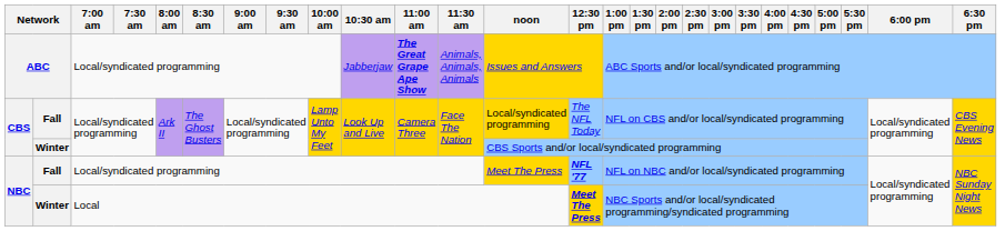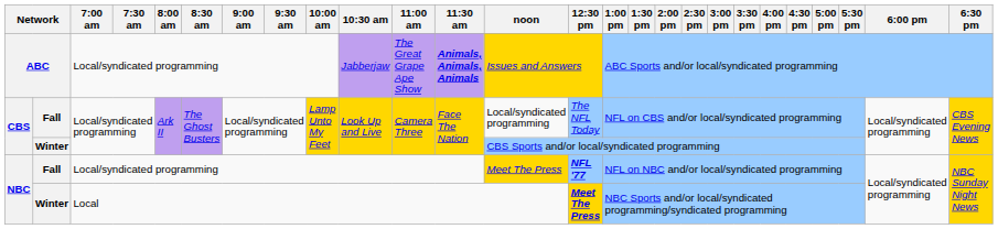 <table class="wikitable" style="font-size:90%">
 <tr>
 <th colspan="2" width="1.5%" bgcolor="#C0C0C0">Network</th>
 <th width="4%" bgcolor="#C0C0C0">7:00 am</th>
 <th width="4%" bgcolor="#C0C0C0">7:30 am</th>
 <th width="4%" bgcolor="#C0C0C0">8:00 am</th>
 <th width="4%" bgcolor="#C0C0C0">8:30 am</th>
 <th width="4%" bgcolor="#C0C0C0">9:00 am</th>
 <th width="4%" bgcolor="#C0C0C0">9:30 am</th>
 <th width="4%" bgcolor="#C0C0C0">10:00 am</th>
 <th width="4%" bgcolor="#C0C0C0">10:30 am</th>
 <th width="4%" bgcolor="#C0C0C0">11:00 am</th>
 <th width="4%" bgcolor="#C0C0C0">11:30 am</th>
 <th width="4%" bgcolor="#C0C0C0">noon</th>
 <th width="4%" bgcolor="#C0C0C0">12:30 pm</th>
 <th width="4%" bgcolor="#C0C0C0">1:00 pm</th>
 <th width="4%" bgcolor="#C0C0C0">1:30 pm</th>
 <th width="4%" bgcolor="#C0C0C0">2:00 pm</th>
 <th width="4%" bgcolor="#C0C0C0">2:30 pm</th>
 <th width="4%" bgcolor="#C0C0C0">3:00 pm</th>
 <th width="4%" bgcolor="#C0C0C0">3:30 pm</th>
 <th width="4%" bgcolor="#C0C0C0">4:00 pm</th>
 <th width="4%" bgcolor="#C0C0C0">4:30 pm</th>
 <th width="4%" bgcolor="#C0C0C0">5:00 pm</th>
 <th width="4%" bgcolor="#C0C0C0">5:30 pm</th>
 <th width="4%" bgcolor="#C0C0C0">6:00 pm</th>
 <th width="4%" bgcolor="#C0C0C0">6:30 pm</th>
 </tr>
 <tr>
 <th colspan="2" bgcolor="#C0C0C0"><a href='#'>ABC</a></th>
 <td colspan="7">Local/syndicated programming</td>
 <td bgcolor="bf9fef"><em><a href='#'>Jabberjaw</a></em> </td>
-<td bgcolor="bf9fef"><strong><em><a href='#'>The Great Grape Ape Show</a></em> </strong></td>
-<td bgcolor="bf9fef"><em><a href='#'>Animals, Animals, Animals</a></em></td>
+<td bgcolor="bf9fef"><em><a href='#'>The Great Grape Ape Show</a></em> </td>
+<td bgcolor="bf9fef"><strong><em><a href='#'>Animals, Animals, Animals</a></em></strong></td>
 <td colspan="2" bgcolor="gold"><em><a href='#'>Issues and Answers</a></em></td>
 <td colspan="12" bgcolor="99ccff"><a href='#'>ABC Sports</a> and/or local/syndicated programming</td>
 </tr>
 <tr>
 <th rowspan="2" bgcolor="#C0C0C0"><a href='#'>CBS</a></th>
 <th>Fall</th>
 <td colspan="2" rowspan="2">Local/syndicated programming</td>
 <td rowspan="2" bgcolor="bf9fef"><em><a href='#'>Ark II</a></em> </td>
 <td rowspan="2" bgcolor="bf9fef"><em><a href='#'>The Ghost Busters</a></em> </td>
 <td colspan="2" rowspan="2">Local/syndicated programming</td>
 <td rowspan="2" bgcolor="gold"><em><a href='#'>Lamp Unto My Feet</a></em></td>
 <td rowspan="2" bgcolor="gold"><em><a href='#'>Look Up and Live</a></em></td>
 <td rowspan="2" bgcolor="gold"><em><a href='#'>Camera Three</a></em></td>
 <td rowspan="2" bgcolor="gold"><em><a href='#'>Face The Nation</a></em></td>
-<td style="background: gold;">Local/syndicated programming</td>
+<td>Local/syndicated programming</td>
 <td bgcolor="99ccff"><em><a href='#'>The NFL Today</a></em></td>
 <td colspan="10" bgcolor="99ccff"><a href='#'>NFL on CBS</a> and/or local/syndicated programming</td>
 <td rowspan="2">Local/syndicated programming</td>
 <td rowspan="2" bgcolor="gold"><em><a href='#'>CBS Evening News</a></em></td>
 </tr>
 <tr>
 <th>Winter</th>
 <td colspan="12" bgcolor="99ccff"><a href='#'>CBS Sports</a> and/or local/syndicated programming</td>
 </tr>
 <tr>
 <th rowspan="2"><a href='#'>NBC</a></th>
 <th>Fall</th>
 <td colspan="10">Local/syndicated programming</td>
 <td bgcolor="gold"><em><a href='#'>Meet The Press</a></em></td>
 <td bgcolor="99ccff"><strong><em><a href='#'>NFL '77</a></em></strong></td>
 <td colspan="10" bgcolor="99ccff"><a href='#'>NFL on NBC</a> and/or local/syndicated programming</td>
 <td rowspan="2">Local/syndicated programming</td>
 <td rowspan="2" bgcolor="gold"><em><a href='#'>NBC Sunday Night News</a></em></td>
 </tr>
 <tr>
 <th>Winter</th>
 <td colspan="11">Local</td>
 <td bgcolor="gold"><strong><em><a href='#'>Meet The Press</a></em></strong></td>
 <td colspan="10" bgcolor="99ccff"><a href='#'>NBC Sports</a> and/or local/syndicated programming/syndicated programming</td>
 </tr>
 </table>
